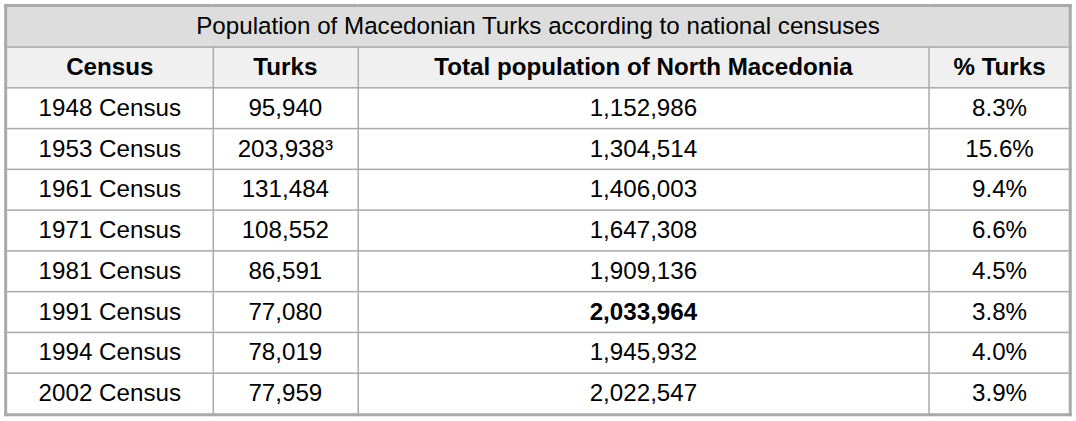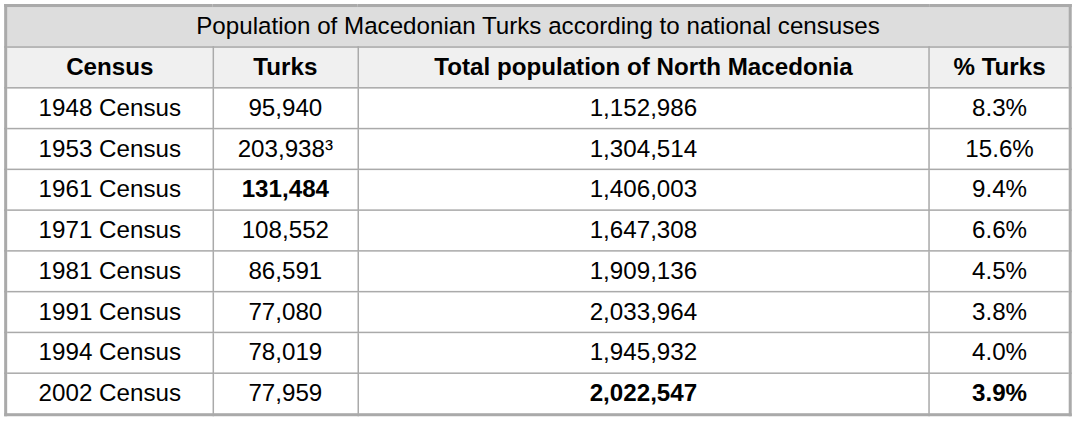 <table cellpadding="4" cellspacing="0" width=80% align="center" rules="all" style="margin: 1em; background: #ffffff; border: 2px solid #aaa; font-size: 100%;">
 <tr bgcolor=#DDDDDD>
 <td colspan=8 align="center">Population of Macedonian Turks according to national censuses</td>
 </tr>
 <tr bgcolor=#f0f0f0 align="center">
 <th>Census</th>
 <th align="center">Turks</th>
 <th align="center">Total population of North Macedonia</th>
 <th align="center">% Turks</th>
 </tr>
 <tr>
 <td align="center">1948 Census</td>
 <td align="center">95,940</td>
 <td align="center">1,152,986</td>
 <td align="center">8.3%</td>
 </tr>
 <tr>
 <td align="center">1953 Census</td>
 <td align="center">203,938³</td>
 <td align="center">1,304,514</td>
 <td align="center">15.6%</td>
 </tr>
 <tr>
 <td align="center">1961 Census</td>
-<td align="center">131,484</td>
+<td align="center"><strong>131,484</strong></td>
 <td align="center">1,406,003</td>
 <td align="center">9.4%</td>
 </tr>
 <tr>
 <td align="center">1971 Census</td>
 <td align="center">108,552</td>
 <td align="center">1,647,308</td>
 <td align="center">6.6%</td>
 </tr>
 <tr>
 <td align="center">1981 Census</td>
 <td align="center">86,591</td>
 <td align="center">1,909,136</td>
 <td align="center">4.5%</td>
 </tr>
 <tr>
 <td align="center">1991 Census</td>
 <td align="center">77,080</td>
-<td align="center"><strong>2,033,964</strong></td>
+<td align="center">2,033,964</td>
 <td align="center">3.8%</td>
 </tr>
 <tr>
 <td align="center">1994 Census</td>
 <td align="center">78,019</td>
 <td align="center">1,945,932</td>
 <td align="center">4.0%</td>
 </tr>
 <tr>
 <td align="center">2002 Census</td>
 <td align="center">77,959</td>
-<td align="center">2,022,547</td>
-<td align="center">3.9%</td>
+<td align="center"><strong>2,022,547</strong></td>
+<td align="center"><strong>3.9%</strong></td>
 </tr>
 </table>
